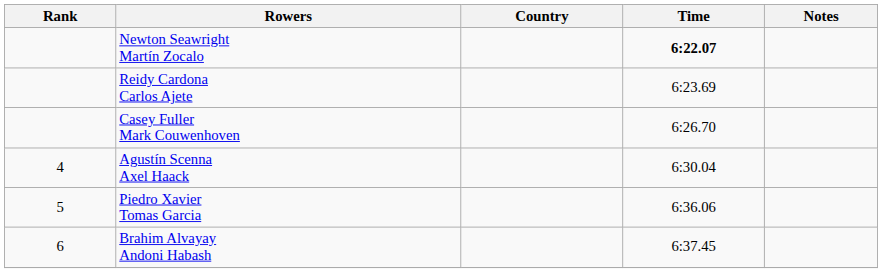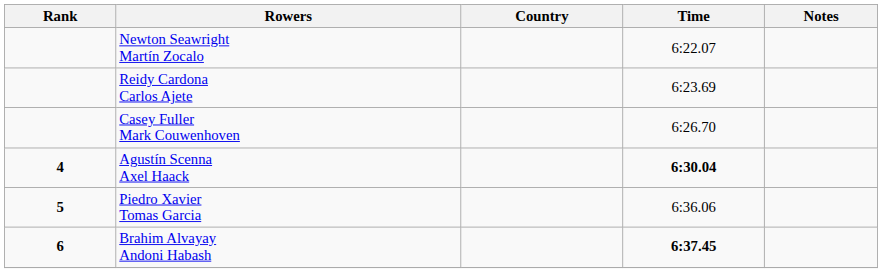 <table class="wikitable" width=60% style="text-align:center">
 <tr>
 <th>Rank</th>
 <th>Rowers</th>
 <th>Country</th>
 <th>Time</th>
 <th>Notes</th>
 </tr>
 <tr>
 <td></td>
 <td align=left><a href='#'>Newton Seawright</a><br><a href='#'>Martín Zocalo</a></td>
 <td align=left></td>
-<td><strong>6:22.07</strong></td>
+<td>6:22.07</td>
 <td></td>
 </tr>
 <tr>
 <td></td>
 <td align=left><a href='#'>Reidy Cardona</a><br><a href='#'>Carlos Ajete</a></td>
 <td align=left></td>
 <td>6:23.69</td>
 <td></td>
 </tr>
 <tr>
 <td></td>
 <td align=left><a href='#'>Casey Fuller</a><br><a href='#'>Mark Couwenhoven</a></td>
 <td align=left></td>
 <td>6:26.70</td>
 <td></td>
 </tr>
 <tr>
-<td>4</td>
+<td><strong>4</strong></td>
 <td align=left><a href='#'>Agustín Scenna</a><br><a href='#'>Axel Haack</a></td>
 <td align=left></td>
-<td>6:30.04</td>
+<td><strong>6:30.04</strong></td>
 <td></td>
 </tr>
 <tr>
-<td>5</td>
+<td><strong>5</strong></td>
 <td align=left><a href='#'>Piedro Xavier</a><br><a href='#'>Tomas Garcia</a></td>
 <td align=left></td>
 <td>6:36.06</td>
 <td></td>
 </tr>
 <tr>
-<td>6</td>
+<td><strong>6</strong></td>
 <td align=left><a href='#'>Brahim Alvayay</a><br><a href='#'>Andoni Habash</a></td>
 <td align=left></td>
-<td>6:37.45</td>
+<td><strong>6:37.45</strong></td>
 <td></td>
 </tr>
 <tr>
 </tr>
 </table>
